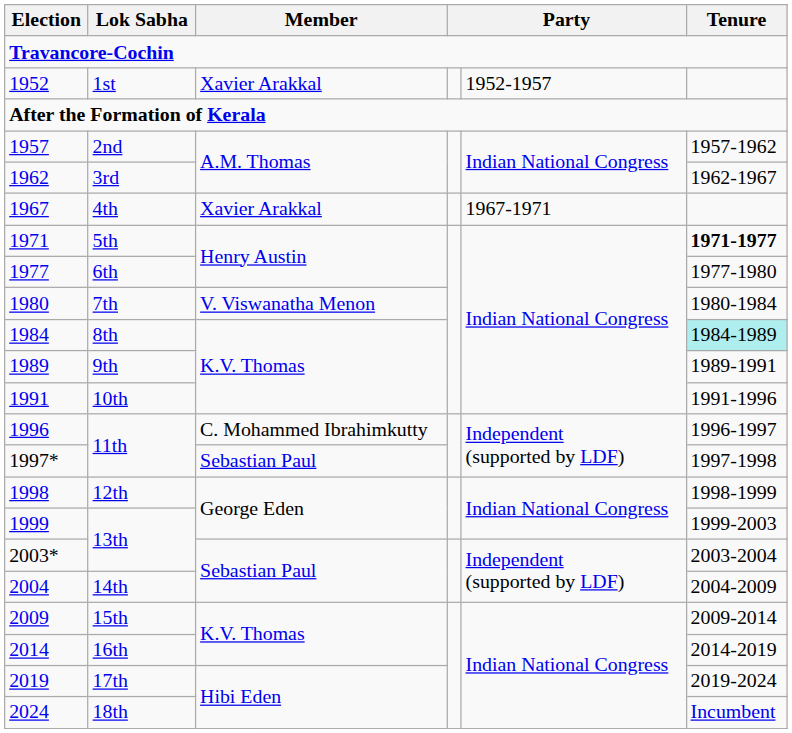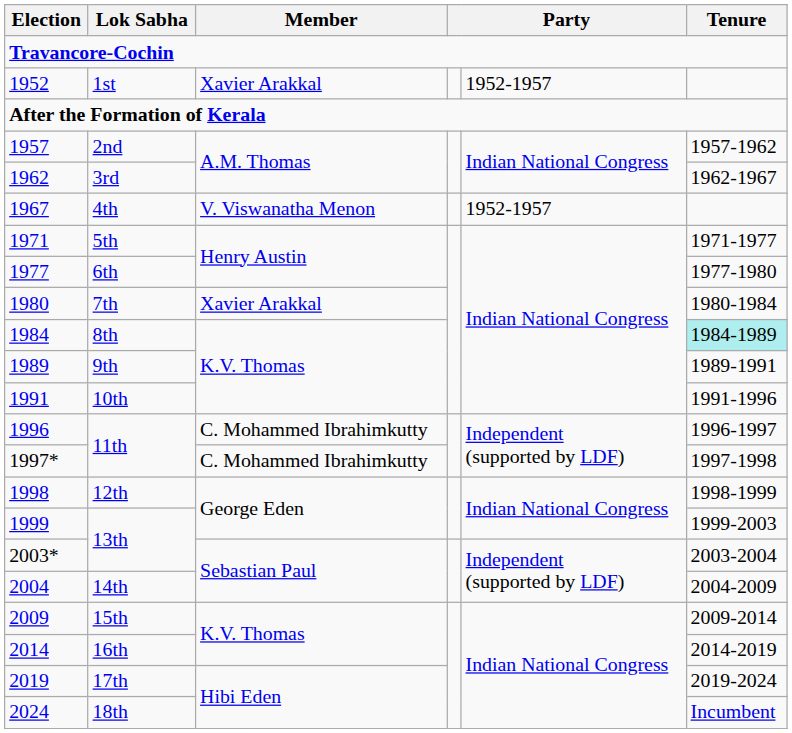 <table class="wikitable sortable" width="50%">
 <tr>
 <th>Election</th>
 <th>Lok Sabha</th>
 <th>Member</th>
 <th colspan="2">Party</th>
 <th>Tenure</th>
 </tr>
 <tr>
 <td colspan="6"><strong><a href='#'>Travancore-Cochin</a></strong></td>
 </tr>
 <tr>
 <td><a href='#'>1952</a></td>
 <td><a href='#'>1st</a></td>
 <td><a href='#'>Xavier Arakkal</a></td>
 <td></td>
 <td>1952-1957</td>
 </tr>
 <tr>
 <td colspan="6"><strong>After the Formation of <a href='#'>Kerala</a></strong></td>
 </tr>
 <tr>
 <td><a href='#'>1957</a></td>
 <td><a href='#'>2nd</a></td>
 <td rowspan=2><a href='#'>A.M. Thomas</a></td>
 <td rowspan="2" width="4px" style="background-color: "></td>
 <td rowspan=2><a href='#'>Indian National Congress</a></td>
 <td>1957-1962</td>
 </tr>
 <tr>
 <td><a href='#'>1962</a></td>
 <td><a href='#'>3rd</a></td>
 <td>1962-1967</td>
 </tr>
 <tr>
 <td><a href='#'>1967</a></td>
 <td><a href='#'>4th</a></td>
-<td><a href='#'>Xavier Arakkal</a></td>
+<td><a href='#'>V. Viswanatha Menon</a></td>
 <td></td>
-<td>1967-1971</td>
+<td>1952-1957</td>
 </tr>
 <tr>
 <td><a href='#'>1971</a></td>
 <td><a href='#'>5th</a></td>
 <td rowspan="2"><a href='#'>Henry Austin</a></td>
 <td rowspan="6" width="4px" style="background-color: "></td>
 <td rowspan="6"><a href='#'>Indian National Congress</a></td>
-<td><strong>1971-1977</strong></td>
+<td>1971-1977</td>
 </tr>
 <tr>
 <td><a href='#'>1977</a></td>
 <td><a href='#'>6th</a></td>
 <td>1977-1980</td>
 </tr>
 <tr>
 <td><a href='#'>1980</a></td>
 <td><a href='#'>7th</a></td>
-<td><a href='#'>V. Viswanatha Menon</a></td>
+<td><a href='#'>Xavier Arakkal</a></td>
 <td>1980-1984</td>
 </tr>
 <tr>
 <td><a href='#'>1984</a></td>
 <td><a href='#'>8th</a></td>
 <td rowspan="3"><a href='#'>K.V. Thomas</a></td>
 <td style="background: paleturquoise;">1984-1989</td>
 </tr>
 <tr>
 <td><a href='#'>1989</a></td>
 <td><a href='#'>9th</a></td>
 <td>1989-1991</td>
 </tr>
 <tr>
 <td><a href='#'>1991</a></td>
 <td><a href='#'>10th</a></td>
 <td>1991-1996</td>
 </tr>
 <tr>
 <td><a href='#'>1996</a></td>
 <td rowspan=2><a href='#'>11th</a></td>
 <td>C. Mohammed Ibrahimkutty</td>
 <td rowspan="2" width="4px" style="background-color: "></td>
 <td rowspan=2><a href='#'>Independent</a><br>(supported by <a href='#'>LDF</a>)</td>
 <td>1996-1997</td>
 </tr>
 <tr>
 <td>1997*</td>
-<td><a href='#'>Sebastian Paul</a></td>
+<td>C. Mohammed Ibrahimkutty</td>
 <td>1997-1998</td>
 </tr>
 <tr>
 <td><a href='#'>1998</a></td>
 <td><a href='#'>12th</a></td>
 <td rowspan="2">George Eden</td>
 <td rowspan="2" width="4px" style="background-color: "></td>
 <td rowspan="2"><a href='#'>Indian National Congress</a></td>
 <td>1998-1999</td>
 </tr>
 <tr>
 <td><a href='#'>1999</a></td>
 <td rowspan=2><a href='#'>13th</a></td>
 <td>1999-2003</td>
 </tr>
 <tr>
 <td>2003*</td>
 <td rowspan="2"><a href='#'>Sebastian Paul</a></td>
 <td rowspan="2" width="4px" style="background-color: "></td>
 <td rowspan="2"><a href='#'>Independent</a><br>(supported by <a href='#'>LDF</a>)</td>
 <td>2003-2004</td>
 </tr>
 <tr>
 <td><a href='#'>2004</a></td>
 <td><a href='#'>14th</a></td>
 <td>2004-2009</td>
 </tr>
 <tr>
 <td><a href='#'>2009</a></td>
 <td><a href='#'>15th</a></td>
 <td rowspan="2"><a href='#'>K.V. Thomas</a></td>
 <td rowspan="4" width="4px" style="background-color: "></td>
 <td rowspan="4"><a href='#'>Indian National Congress</a></td>
 <td>2009-2014</td>
 </tr>
 <tr>
 <td><a href='#'>2014</a></td>
 <td><a href='#'>16th</a></td>
 <td>2014-2019</td>
 </tr>
 <tr>
 <td><a href='#'>2019</a></td>
 <td><a href='#'>17th</a></td>
 <td rowspan=2><a href='#'>Hibi Eden</a></td>
 <td>2019-2024</td>
 </tr>
 <tr>
 <td><a href='#'>2024</a></td>
 <td><a href='#'>18th</a></td>
 <td><a href='#'>Incumbent</a></td>
 </tr>
 <tr>
 </tr>
 </table>
